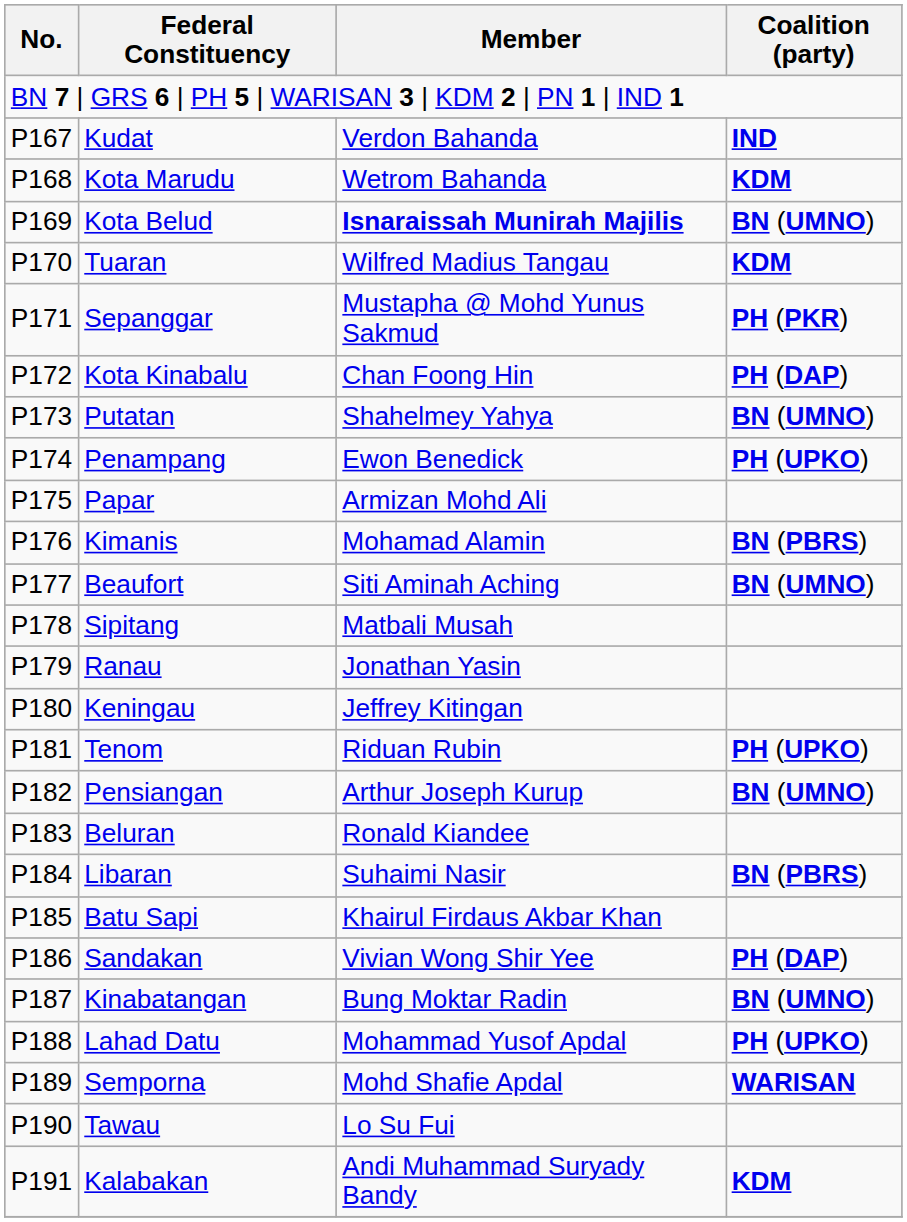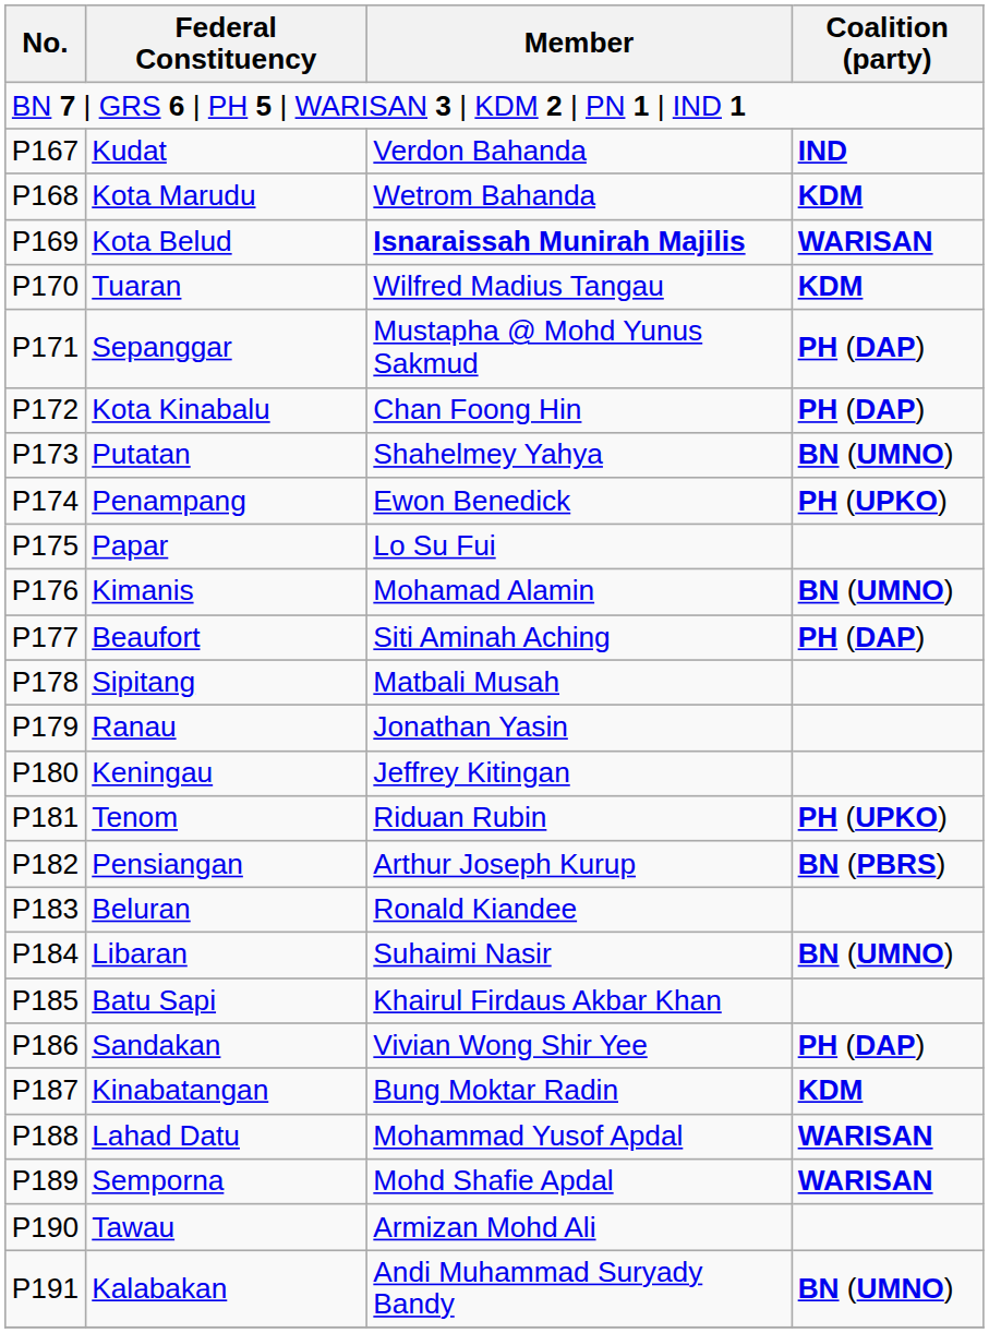 <table class="wikitable sortable">
 <tr>
 <th style="width:30px;">No.</th>
 <th style="width:150px;">Federal Constituency</th>
 <th style="width:230px;">Member</th>
 <th style="width:100px;">Coalition (party)</th>
 </tr>
 <tr>
 <td colspan="4"><a href='#'>BN</a> <strong>7</strong> | <a href='#'>GRS</a> <strong>6</strong> | <a href='#'>PH</a> <strong>5</strong> | <a href='#'>WARISAN</a> <strong>3</strong> | <a href='#'>KDM</a> <strong>2</strong> | <a href='#'>PN</a> <strong>1</strong> | <a href='#'>IND</a> <strong>1</strong></td>
 </tr>
 <tr>
 <td>P167</td>
 <td><a href='#'>Kudat</a></td>
 <td><a href='#'>Verdon Bahanda</a></td>
 <td><strong><a href='#'>IND</a></strong></td>
 </tr>
 <tr>
 <td>P168</td>
 <td><a href='#'>Kota Marudu</a></td>
 <td><a href='#'>Wetrom Bahanda</a></td>
 <td><strong><a href='#'>KDM</a></strong></td>
 </tr>
 <tr>
 <td>P169</td>
 <td><a href='#'>Kota Belud</a></td>
 <td><strong><a href='#'>Isnaraissah Munirah Majilis</a></strong></td>
-<td><strong><a href='#'>BN</a></strong> (<strong><a href='#'>UMNO</a></strong>)</td>
+<td><strong><a href='#'>WARISAN</a></strong></td>
 </tr>
 <tr>
 <td>P170</td>
 <td><a href='#'>Tuaran</a></td>
 <td><a href='#'>Wilfred Madius Tangau</a></td>
 <td><strong><a href='#'>KDM</a></strong></td>
 </tr>
 <tr>
 <td>P171</td>
 <td><a href='#'>Sepanggar</a></td>
 <td><a href='#'>Mustapha @ Mohd Yunus Sakmud</a></td>
-<td><strong><a href='#'>PH</a></strong> (<strong><a href='#'>PKR</a></strong>)</td>
+<td><strong><a href='#'>PH</a></strong> (<strong><a href='#'>DAP</a></strong>)</td>
 </tr>
 <tr>
 <td>P172</td>
 <td><a href='#'>Kota Kinabalu</a></td>
 <td><a href='#'>Chan Foong Hin</a></td>
 <td><strong><a href='#'>PH</a></strong> (<strong><a href='#'>DAP</a></strong>)</td>
 </tr>
 <tr>
 <td>P173</td>
 <td><a href='#'>Putatan</a></td>
 <td><a href='#'>Shahelmey Yahya</a></td>
 <td><strong><a href='#'>BN</a></strong> (<strong><a href='#'>UMNO</a></strong>)</td>
 </tr>
 <tr>
 <td>P174</td>
 <td><a href='#'>Penampang</a></td>
 <td><a href='#'>Ewon Benedick</a></td>
 <td><strong><a href='#'>PH</a></strong> (<strong><a href='#'>UPKO</a></strong>)</td>
 </tr>
 <tr>
 <td>P175</td>
 <td><a href='#'>Papar</a></td>
-<td><a href='#'>Armizan Mohd Ali</a></td>
+<td><a href='#'>Lo Su Fui</a></td>
 <td></td>
 </tr>
 <tr>
 <td>P176</td>
 <td><a href='#'>Kimanis</a></td>
 <td><a href='#'>Mohamad Alamin</a></td>
-<td><strong><a href='#'>BN</a></strong> (<strong><a href='#'>PBRS</a></strong>)</td>
+<td><strong><a href='#'>BN</a></strong> (<strong><a href='#'>UMNO</a></strong>)</td>
 </tr>
 <tr>
 <td>P177</td>
 <td><a href='#'>Beaufort</a></td>
 <td><a href='#'>Siti Aminah Aching</a></td>
-<td><strong><a href='#'>BN</a></strong> (<strong><a href='#'>UMNO</a></strong>)</td>
+<td><strong><a href='#'>PH</a></strong> (<strong><a href='#'>DAP</a></strong>)</td>
 </tr>
 <tr>
 <td>P178</td>
 <td><a href='#'>Sipitang</a></td>
 <td><a href='#'>Matbali Musah</a></td>
 <td></td>
 </tr>
 <tr>
 <td>P179</td>
 <td><a href='#'>Ranau</a></td>
 <td><a href='#'>Jonathan Yasin</a></td>
 <td></td>
 </tr>
 <tr>
 <td>P180</td>
 <td><a href='#'>Keningau</a></td>
 <td><a href='#'>Jeffrey Kitingan</a></td>
 <td></td>
 </tr>
 <tr>
 <td>P181</td>
 <td><a href='#'>Tenom</a></td>
 <td><a href='#'>Riduan Rubin</a></td>
 <td><strong><a href='#'>PH</a></strong> (<strong><a href='#'>UPKO</a></strong>)</td>
 </tr>
 <tr>
 <td>P182</td>
 <td><a href='#'>Pensiangan</a></td>
 <td><a href='#'>Arthur Joseph Kurup</a></td>
-<td><strong><a href='#'>BN</a></strong> (<strong><a href='#'>UMNO</a></strong>)</td>
+<td><strong><a href='#'>BN</a></strong> (<strong><a href='#'>PBRS</a></strong>)</td>
 </tr>
 <tr>
 <td>P183</td>
 <td><a href='#'>Beluran</a></td>
 <td><a href='#'>Ronald Kiandee</a></td>
 <td></td>
 </tr>
 <tr>
 <td>P184</td>
 <td><a href='#'>Libaran</a></td>
 <td><a href='#'>Suhaimi Nasir</a></td>
-<td><strong><a href='#'>BN</a></strong> (<strong><a href='#'>PBRS</a></strong>)</td>
+<td><strong><a href='#'>BN</a></strong> (<strong><a href='#'>UMNO</a></strong>)</td>
 </tr>
 <tr>
 <td>P185</td>
 <td><a href='#'>Batu Sapi</a></td>
 <td><a href='#'>Khairul Firdaus Akbar Khan</a></td>
 <td></td>
 </tr>
 <tr>
 <td>P186</td>
 <td><a href='#'>Sandakan</a></td>
 <td><a href='#'>Vivian Wong Shir Yee</a></td>
 <td><strong><a href='#'>PH</a></strong> (<strong><a href='#'>DAP</a></strong>)</td>
 </tr>
 <tr>
 <td>P187</td>
 <td><a href='#'>Kinabatangan</a></td>
 <td><a href='#'>Bung Moktar Radin</a></td>
-<td><strong><a href='#'>BN</a></strong> (<strong><a href='#'>UMNO</a></strong>)</td>
+<td><strong><a href='#'>KDM</a></strong></td>
 </tr>
 <tr>
 <td>P188</td>
 <td><a href='#'>Lahad Datu</a></td>
 <td><a href='#'>Mohammad Yusof Apdal</a></td>
-<td><strong><a href='#'>PH</a></strong> (<strong><a href='#'>UPKO</a></strong>)</td>
+<td><strong><a href='#'>WARISAN</a></strong></td>
 </tr>
 <tr>
 <td>P189</td>
 <td><a href='#'>Semporna</a></td>
 <td><a href='#'>Mohd Shafie Apdal</a></td>
 <td><strong><a href='#'>WARISAN</a></strong></td>
 </tr>
 <tr>
 <td>P190</td>
 <td><a href='#'>Tawau</a></td>
-<td><a href='#'>Lo Su Fui</a></td>
+<td><a href='#'>Armizan Mohd Ali</a></td>
 <td></td>
 </tr>
 <tr>
 <td>P191</td>
 <td><a href='#'>Kalabakan</a></td>
 <td><a href='#'>Andi Muhammad Suryady Bandy</a></td>
-<td><strong><a href='#'>KDM</a></strong></td>
+<td><strong><a href='#'>BN</a></strong> (<strong><a href='#'>UMNO</a></strong>)</td>
 </tr>
 <tr>
 </tr>
 </table>
